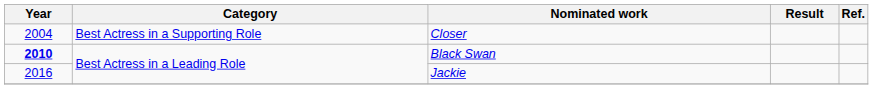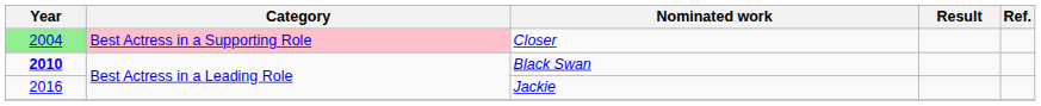 <table class=wikitable>
 <tr>
 <th scope="col" style="width:5em;">Year</th>
 <th scope="col" style="width:28em;">Category</th>
 <th scope="col" style="width:27em;">Nominated work</th>
 <th scope="col" style="width:5em;">Result</th>
 <th>Ref.</th>
 </tr>
 <tr>
-<td style="text-align:center;"><a href='#'>2004</a></td>
-<td><a href='#'>Best Actress in a Supporting Role</a></td>
+<td style="background: lightgreen; text-align:center;"><a href='#'>2004</a></td>
+<td style="background: pink;"><a href='#'>Best Actress in a Supporting Role</a></td>
 <td><em><a href='#'>Closer</a></em></td>
 <td></td>
 <td style="text-align:center;"></td>
 </tr>
 <tr>
 <td style="text-align:center;"><strong><a href='#'>2010</a></strong></td>
 <td rowspan="2" scope="row"><a href='#'>Best Actress in a Leading Role</a></td>
 <td><em><a href='#'>Black Swan</a></em></td>
 <td></td>
 <td style="text-align:center;"></td>
 </tr>
 <tr>
 <td style="text-align:center;"><a href='#'>2016</a></td>
 <td><em><a href='#'>Jackie</a></em></td>
 <td></td>
 <td style="text-align:center;"></td>
 </tr>
 <tr>
 </tr>
 </table>
